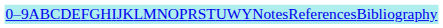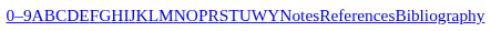 <table id="toc" class="toc" summary="Class" align="center" style="text-align:center;">
 <tr>
 <th></th>
 </tr>
 <tr>
-<td style="background: paleturquoise;"><a href='#'>0–9</a><a href='#'>A</a><a href='#'>B</a><a href='#'>C</a><a href='#'>D</a><a href='#'>E</a><a href='#'>F</a><a href='#'>G</a><a href='#'>H</a><a href='#'>I</a><a href='#'>J</a><a href='#'>K</a><a href='#'>L</a><a href='#'>M</a><a href='#'>N</a><a href='#'>O</a><a href='#'>P</a><a href='#'>R</a><a href='#'>S</a><a href='#'>T</a><a href='#'>U</a><a href='#'>W</a><a href='#'>Y</a><a href='#'>Notes</a><a href='#'>References</a><a href='#'>Bibliography</a></td>
+<td><a href='#'>0–9</a><a href='#'>A</a><a href='#'>B</a><a href='#'>C</a><a href='#'>D</a><a href='#'>E</a><a href='#'>F</a><a href='#'>G</a><a href='#'>H</a><a href='#'>I</a><a href='#'>J</a><a href='#'>K</a><a href='#'>L</a><a href='#'>M</a><a href='#'>N</a><a href='#'>O</a><a href='#'>P</a><a href='#'>R</a><a href='#'>S</a><a href='#'>T</a><a href='#'>U</a><a href='#'>W</a><a href='#'>Y</a><a href='#'>Notes</a><a href='#'>References</a><a href='#'>Bibliography</a></td>
 </tr>
 </table>
